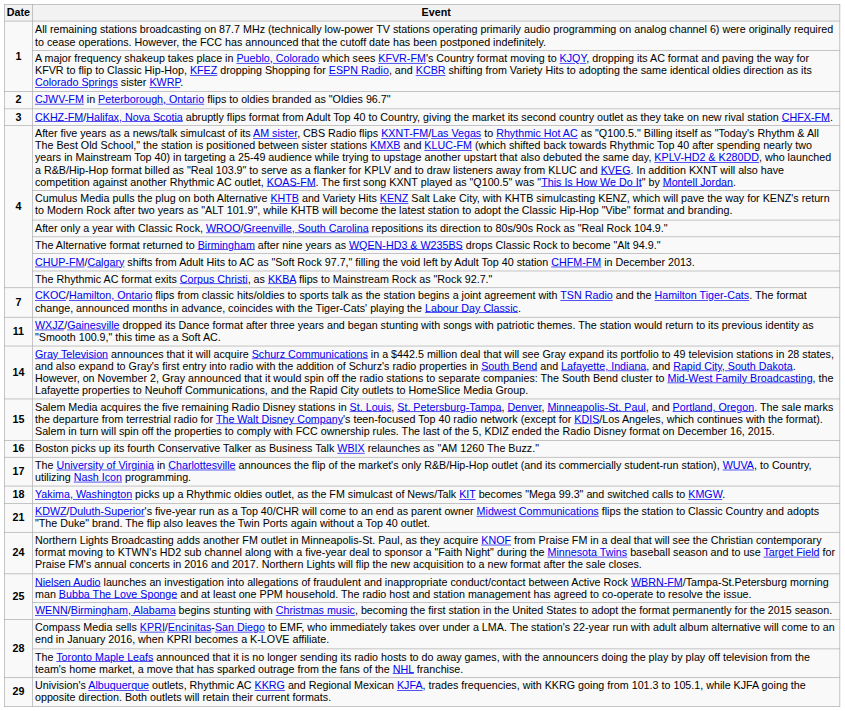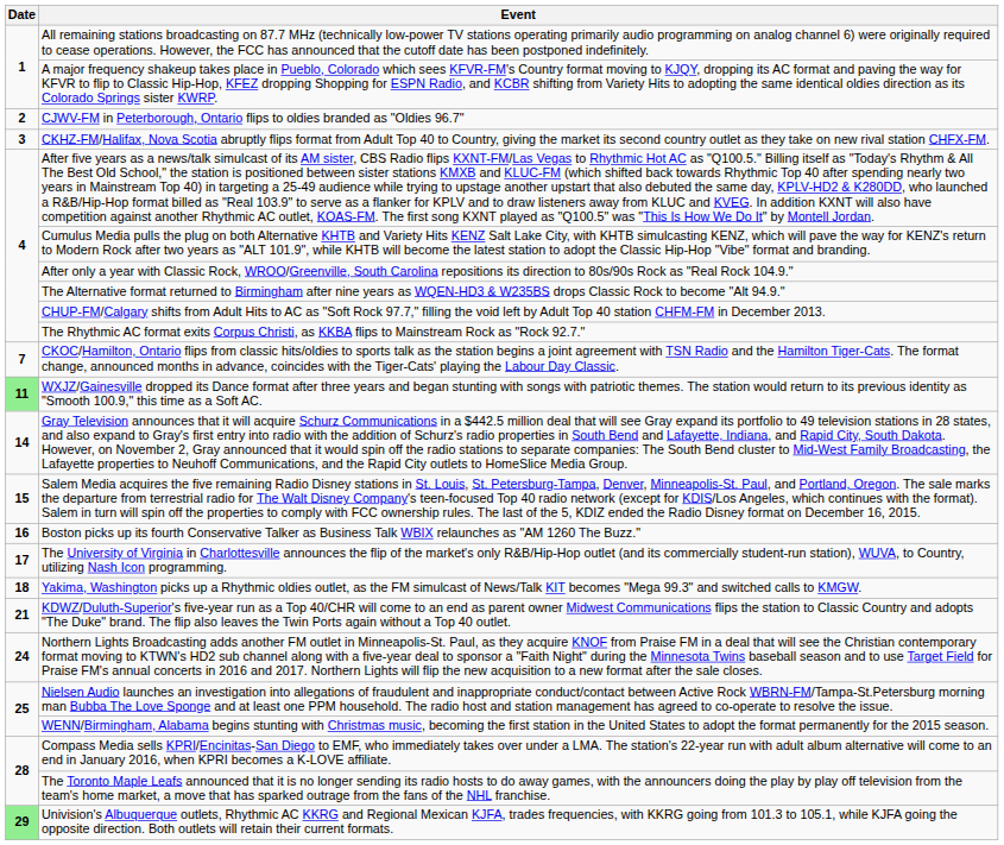 <table class="wikitable">
 <tr>
 <th>Date</th>
 <th>Event</th>
 </tr>
 <tr>
 <td style="text-align:center" rowspan=2><strong>1</strong></td>
 <td>All remaining stations broadcasting on 87.7 MHz (technically low-power TV stations operating primarily audio programming on analog channel 6) were originally required to cease operations. However, the FCC has announced that the cutoff date has been postponed indefinitely.</td>
 </tr>
 <tr>
 <td>A major frequency shakeup takes place in <a href='#'>Pueblo, Colorado</a> which sees <a href='#'>KFVR-FM</a>'s Country format moving to <a href='#'>KJQY</a>, dropping its AC format and paving the way for KFVR to flip to Classic Hip-Hop, <a href='#'>KFEZ</a> dropping Shopping for <a href='#'>ESPN Radio</a>, and <a href='#'>KCBR</a> shifting from Variety Hits to adopting the same identical oldies direction as its <a href='#'>Colorado Springs</a> sister <a href='#'>KWRP</a>.</td>
 </tr>
 <tr>
 <td style="text-align:center"><strong>2</strong></td>
 <td><a href='#'>CJWV-FM</a> in <a href='#'>Peterborough, Ontario</a> flips to oldies branded as "Oldies 96.7"</td>
 </tr>
 <tr>
 <td style="text-align:center"><strong>3</strong></td>
 <td><a href='#'>CKHZ-FM</a>/<a href='#'>Halifax, Nova Scotia</a> abruptly flips format from Adult Top 40 to Country, giving the market its second country outlet as they take on new rival station <a href='#'>CHFX-FM</a>.</td>
 </tr>
 <tr>
 <td style="text-align:center" rowspan=6><strong>4</strong></td>
 <td>After five years as a news/talk simulcast of its <a href='#'>AM sister</a>, CBS Radio flips <a href='#'>KXNT-FM</a>/<a href='#'>Las Vegas</a> to <a href='#'>Rhythmic Hot AC</a> as "Q100.5." Billing itself as "Today's Rhythm & All The Best Old School," the station is positioned between sister stations <a href='#'>KMXB</a> and <a href='#'>KLUC-FM</a> (which shifted back towards Rhythmic Top 40 after spending nearly two years in Mainstream Top 40) in targeting a 25-49 audience while trying to upstage another upstart that also debuted the same day, <a href='#'>KPLV-HD2 & K280DD</a>, who launched a R&B/Hip-Hop format billed as "Real 103.9" to serve as a flanker for KPLV and to draw listeners away from KLUC and <a href='#'>KVEG</a>. In addition KXNT will also have competition against another Rhythmic AC outlet, <a href='#'>KOAS-FM</a>. The first song KXNT played as "Q100.5" was "<a href='#'>This Is How We Do It</a>" by <a href='#'>Montell Jordan</a>.</td>
 </tr>
 <tr>
 <td>Cumulus Media pulls the plug on both Alternative <a href='#'>KHTB</a> and Variety Hits <a href='#'>KENZ</a> Salt Lake City, with KHTB simulcasting KENZ, which will pave the way for KENZ's return to Modern Rock after two years as "ALT 101.9", while KHTB will become the latest station to adopt the Classic Hip-Hop "Vibe" format and branding.</td>
 </tr>
 <tr>
 <td>After only a year with Classic Rock, <a href='#'>WROO</a>/<a href='#'>Greenville, South Carolina</a> repositions its direction to 80s/90s Rock as "Real Rock 104.9."</td>
 </tr>
 <tr>
 <td>The Alternative format returned to <a href='#'>Birmingham</a> after nine years as <a href='#'>WQEN-HD3 & W235BS</a> drops Classic Rock to become "Alt 94.9."</td>
 </tr>
 <tr>
 <td><a href='#'>CHUP-FM</a>/<a href='#'>Calgary</a> shifts from Adult Hits to AC as "Soft Rock 97.7," filling the void left by Adult Top 40 station <a href='#'>CHFM-FM</a> in December 2013.</td>
 </tr>
 <tr>
 <td>The Rhythmic AC format exits <a href='#'>Corpus Christi</a>, as <a href='#'>KKBA</a> flips to Mainstream Rock as "Rock 92.7."</td>
 </tr>
 <tr>
 <td style="text-align:center"><strong>7</strong></td>
 <td><a href='#'>CKOC</a>/<a href='#'>Hamilton, Ontario</a> flips from classic hits/oldies to sports talk as the station begins a joint agreement with <a href='#'>TSN Radio</a> and the <a href='#'>Hamilton Tiger-Cats</a>. The format change, announced months in advance, coincides with the Tiger-Cats' playing the <a href='#'>Labour Day Classic</a>.</td>
 </tr>
 <tr>
-<td style="text-align:center"><strong>11</strong></td>
+<td style="background: lightgreen; text-align:center"><strong>11</strong></td>
 <td><a href='#'>WXJZ</a>/<a href='#'>Gainesville</a> dropped its Dance format after three years and began stunting with songs with patriotic themes. The station would return to its previous identity as "Smooth 100.9," this time as a Soft AC.</td>
 </tr>
 <tr>
 <td style="text-align:center"><strong>14</strong></td>
 <td><a href='#'>Gray Television</a> announces that it will acquire <a href='#'>Schurz Communications</a> in a $442.5 million deal that will see Gray expand its portfolio to 49 television stations in 28 states, and also expand to Gray's first entry into radio with the addition of Schurz's radio properties in <a href='#'>South Bend</a> and <a href='#'>Lafayette, Indiana</a>, and <a href='#'>Rapid City, South Dakota</a>. However, on November 2, Gray announced that it would spin off the radio stations to separate companies: The South Bend cluster to <a href='#'>Mid-West Family Broadcasting</a>, the Lafayette properties to Neuhoff Communications, and the Rapid City outlets to HomeSlice Media Group.</td>
 </tr>
 <tr>
 <td style="text-align:center"><strong>15</strong></td>
 <td>Salem Media acquires the five remaining Radio Disney stations in <a href='#'>St. Louis</a>, <a href='#'>St. Petersburg-Tampa</a>, <a href='#'>Denver</a>, <a href='#'>Minneapolis-St. Paul</a>, and <a href='#'>Portland, Oregon</a>. The sale marks the departure from terrestrial radio for <a href='#'>The Walt Disney Company</a>'s teen-focused Top 40 radio network (except for <a href='#'>KDIS</a>/Los Angeles, which continues with the format). Salem in turn will spin off the properties to comply with FCC ownership rules. The last of the 5, KDIZ ended the Radio Disney format on December 16, 2015.</td>
 </tr>
 <tr>
 <td style="text-align:center"><strong>16</strong></td>
 <td>Boston picks up its fourth Conservative Talker as Business Talk <a href='#'>WBIX</a> relaunches as "AM 1260 The Buzz."</td>
 </tr>
 <tr>
 <td style="text-align:center"><strong>17</strong></td>
 <td>The <a href='#'>University of Virginia</a> in <a href='#'>Charlottesville</a> announces the flip of the market's only R&B/Hip-Hop outlet (and its commercially student-run station), <a href='#'>WUVA</a>, to Country, utilizing <a href='#'>Nash Icon</a> programming.</td>
 </tr>
 <tr>
 <td style="text-align:center"><strong>18</strong></td>
 <td><a href='#'>Yakima, Washington</a> picks up a Rhythmic oldies outlet, as the FM simulcast of News/Talk <a href='#'>KIT</a> becomes "Mega 99.3" and switched calls to <a href='#'>KMGW</a>.</td>
 </tr>
 <tr>
 <td style="text-align:center"><strong>21</strong></td>
 <td><a href='#'>KDWZ</a>/<a href='#'>Duluth-Superior</a>'s five-year run as a Top 40/CHR will come to an end as parent owner <a href='#'>Midwest Communications</a> flips the station to Classic Country and adopts "The Duke" brand. The flip also leaves the Twin Ports again without a Top 40 outlet.</td>
 </tr>
 <tr>
 <td style="text-align:center"><strong>24</strong></td>
 <td>Northern Lights Broadcasting adds another FM outlet in Minneapolis-St. Paul, as they acquire <a href='#'>KNOF</a> from Praise FM in a deal that will see the Christian contemporary format moving to KTWN's HD2 sub channel along with a five-year deal to sponsor a "Faith Night" during the <a href='#'>Minnesota Twins</a> baseball season and  to use <a href='#'>Target Field</a> for Praise FM's annual concerts in 2016 and 2017. Northern Lights will flip the new acquisition to a new format after the sale closes.</td>
 </tr>
 <tr>
 <td style="text-align:center" rowspan=2><strong>25</strong></td>
 <td><a href='#'>Nielsen Audio</a> launches an investigation into allegations of fraudulent and inappropriate conduct/contact between Active Rock <a href='#'>WBRN-FM</a>/Tampa-St.Petersburg morning man <a href='#'>Bubba The Love Sponge</a> and at least one PPM household. The radio host and station management has agreed to co-operate to resolve the issue.</td>
 </tr>
 <tr>
 <td><a href='#'>WENN</a>/<a href='#'>Birmingham, Alabama</a> begins stunting with <a href='#'>Christmas music</a>, becoming the first station in the United States to adopt the format permanently for the 2015 season.</td>
 </tr>
 <tr>
 <td style="text-align:center" rowspan="2"><strong>28</strong></td>
 <td>Compass Media sells <a href='#'>KPRI</a>/<a href='#'>Encinitas</a>-<a href='#'>San Diego</a> to EMF, who immediately takes over under a LMA. The station's 22-year run with adult album alternative will come to an end in January 2016, when KPRI becomes a K-LOVE affiliate.</td>
 </tr>
 <tr>
 <td>The <a href='#'>Toronto Maple Leafs</a> announced that it is no longer sending its radio hosts to do away games, with the announcers doing the play by play off television from the team's home market, a move that has sparked outrage from the fans of the <a href='#'>NHL</a> franchise.</td>
 </tr>
 <tr>
-<td style="text-align:center"><strong>29</strong></td>
+<td style="background: lightgreen; text-align:center"><strong>29</strong></td>
 <td>Univision's <a href='#'>Albuquerque</a> outlets, Rhythmic AC <a href='#'>KKRG</a> and Regional Mexican <a href='#'>KJFA</a>, trades frequencies, with KKRG going from 101.3 to 105.1, while KJFA going the opposite direction. Both outlets will retain their current formats.</td>
 </tr>
 </table>
